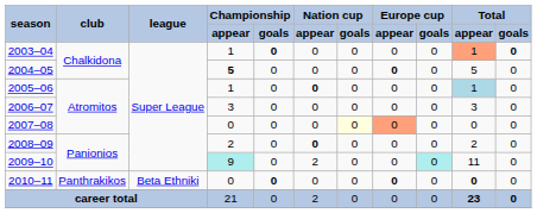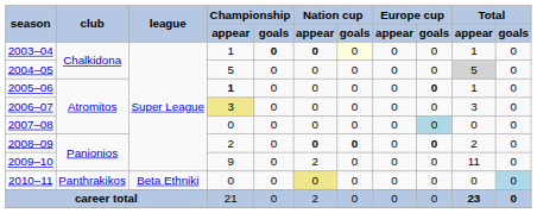 <table class="wikitable" style="text-align:center; font-size:90%">
 <tr bgcolor=#b4c8e4>
 <td rowspan=2><strong>season</strong></td>
 <td rowspan=2><strong>club</strong></td>
 <td rowspan=2><strong>league</strong></td>
 <td colspan=2><strong>Championship</strong></td>
 <td colspan=2><strong>Nation cup</strong></td>
 <td colspan=2><strong>Europe cup</strong></td>
 <td colspan=2><strong>Total</strong></td>
 </tr>
 <tr bgcolor=#b4c8e4>
 <td><strong>appear</strong></td>
 <td><strong>goals</strong></td>
 <td><strong>appear</strong></td>
 <td><strong>goals</strong></td>
 <td><strong>appear</strong></td>
 <td><strong>goals</strong></td>
 <td><strong>appear</strong></td>
 <td><strong>goals</strong></td>
 </tr>
 <tr>
 <td><a href='#'>2003–04</a></td>
 <td rowspan=2><a href='#'>Chalkidona</a></td>
 <td rowspan=7><a href='#'>Super League</a></td>
 <td>1</td>
 <td><strong>0</strong></td>
+<td><strong>0</strong></td>
+<td style="background: lightyellow;">0</td>
+<td>0</td>
+<td>0</td>
+<td>1</td>
+<td>0</td>
+</tr>
+<tr>
+<td><a href='#'>2004–05</a></td>
+<td>5</td>
 <td>0</td>
 <td>0</td>
 <td>0</td>
 <td>0</td>
-<td style="background: lightsalmon;">1</td>
-<td><strong>0</strong></td>
-</tr>
-<tr>
-<td><a href='#'>2004–05</a></td>
-<td><strong>5</strong></td>
 <td>0</td>
-<td>0</td>
-<td>0</td>
-<td><strong>0</strong></td>
-<td>0</td>
-<td>5</td>
+<td style="background: lightgrey;">5</td>
 <td>0</td>
 </tr>
 <tr>
 <td><a href='#'>2005–06</a></td>
 <td rowspan=3><a href='#'>Atromitos</a></td>
-<td>1</td>
-<td>0</td>
-<td><strong>0</strong></td>
+<td><strong>1</strong></td>
 <td>0</td>
 <td>0</td>
 <td>0</td>
-<td style="background: lightblue;">1</td>
+<td>0</td>
+<td><strong>0</strong></td>
+<td>1</td>
 <td>0</td>
 </tr>
 <tr>
 <td><a href='#'>2006–07</a></td>
-<td>3</td>
+<td style="background: khaki;">3</td>
 <td>0</td>
 <td>0</td>
 <td>0</td>
 <td>0</td>
 <td>0</td>
 <td>3</td>
 <td>0</td>
 </tr>
 <tr>
 <td><a href='#'>2007–08</a></td>
 <td>0</td>
 <td>0</td>
 <td>0</td>
-<td style="background: lightyellow;">0</td>
-<td style="background: lightsalmon;">0</td>
 <td>0</td>
+<td>0</td>
+<td style="background: lightblue;">0</td>
 <td>0</td>
 <td>0</td>
 </tr>
 <tr>
 <td><a href='#'>2008–09</a></td>
 <td rowspan=2><a href='#'>Panionios</a></td>
 <td>2</td>
 <td>0</td>
 <td><strong>0</strong></td>
+<td><strong>0</strong></td>
 <td>0</td>
-<td>0</td>
-<td>0</td>
+<td><strong>0</strong></td>
 <td>2</td>
 <td>0</td>
 </tr>
 <tr>
 <td><a href='#'>2009–10</a></td>
-<td style="background: paleturquoise;">9</td>
+<td>9</td>
 <td>0</td>
 <td>2</td>
 <td>0</td>
 <td>0</td>
-<td style="background: paleturquoise;">0</td>
+<td>0</td>
 <td>11</td>
 <td>0</td>
 </tr>
 <tr>
 <td><a href='#'>2010–11</a></td>
 <td rowspan=1><a href='#'>Panthrakikos</a></td>
 <td rowspan=1><a href='#'>Beta Ethniki</a></td>
 <td>0</td>
-<td><strong>0</strong></td>
+<td>0</td>
+<td style="background: khaki;">0</td>
 <td>0</td>
 <td>0</td>
-<td><strong>0</strong></td>
 <td>0</td>
-<td><strong>0</strong></td>
 <td>0</td>
+<td style="background: lightblue;">0</td>
 </tr>
 <tr bgcolor=#b4c8e4>
 <td colspan=3><strong>career total</strong></td>
 <td>21</td>
 <td>0</td>
 <td>2</td>
 <td>0</td>
 <td>0</td>
 <td>0</td>
 <td><strong>23</strong></td>
 <td><strong>0</strong></td>
 </tr>
 <tr>
 </tr>
 </table>
